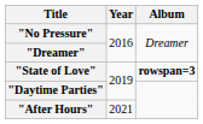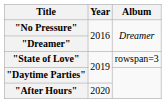 <table class="wikitable plainrowheaders" style="text-align:center;">
 <tr>
 <th scope="col" rowspan="1">Title</th>
 <th scope="col" rowspan="1">Year</th>
 <th scope="col" rowspan="1">Album</th>
 </tr>
 <tr>
 <th scope="row">"No Pressure"</th>
 <td rowspan=2>2016</td>
 <td rowspan=2><em>Dreamer</em></td>
 </tr>
 <tr>
 <th scope="row">"Dreamer"</th>
 </tr>
 <tr>
 <th scope="row">"State of Love"<br></th>
 <td rowspan=2>2019</td>
-<td><strong>rowspan=3 </strong></td>
+<td>rowspan=3 </td>
 </tr>
 <tr>
 <th scope="row">"Daytime Parties"<br></th>
 </tr>
 <tr>
 <th scope="row">"After Hours"</th>
-<td>2021</td>
+<td>2020</td>
 </tr>
 </table>
